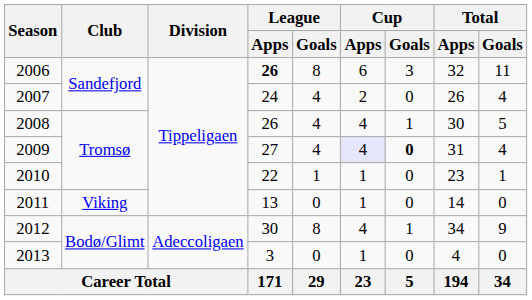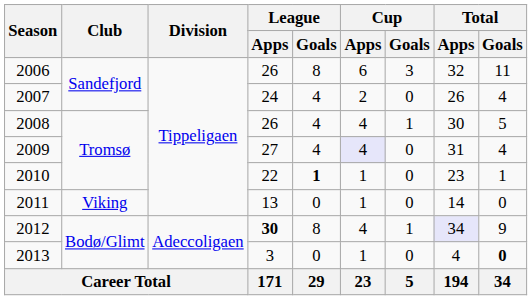 <table class="wikitable" style="text-align: center;">
 <tr>
 <th rowspan="2">Season</th>
 <th rowspan="2">Club</th>
 <th rowspan="2">Division</th>
 <th colspan="2">League</th>
 <th colspan="2">Cup</th>
 <th colspan="2">Total</th>
 </tr>
 <tr>
 <th>Apps</th>
 <th>Goals</th>
 <th>Apps</th>
 <th>Goals</th>
 <th>Apps</th>
 <th>Goals</th>
 </tr>
 <tr>
 <td>2006</td>
 <td rowspan="2" valign="center"><a href='#'>Sandefjord</a></td>
 <td rowspan="6" valign="center"><a href='#'>Tippeligaen</a></td>
-<td><strong>26</strong></td>
+<td>26</td>
 <td>8</td>
 <td>6</td>
 <td>3</td>
 <td>32</td>
 <td>11</td>
 </tr>
 <tr>
 <td>2007</td>
 <td>24</td>
 <td>4</td>
 <td>2</td>
 <td>0</td>
 <td>26</td>
 <td>4</td>
 </tr>
 <tr>
 <td>2008</td>
 <td rowspan="3" valign="center"><a href='#'>Tromsø</a></td>
 <td>26</td>
 <td>4</td>
 <td>4</td>
 <td>1</td>
 <td>30</td>
 <td>5</td>
 </tr>
 <tr>
 <td>2009</td>
 <td>27</td>
 <td>4</td>
 <td style="background: lavender;">4</td>
-<td><strong>0</strong></td>
+<td>0</td>
 <td>31</td>
 <td>4</td>
 </tr>
 <tr>
 <td>2010</td>
 <td>22</td>
-<td>1</td>
+<td><strong>1</strong></td>
 <td>1</td>
 <td>0</td>
 <td>23</td>
 <td>1</td>
 </tr>
 <tr>
 <td>2011</td>
 <td rowspan="1" valign="center"><a href='#'>Viking</a></td>
 <td>13</td>
 <td>0</td>
 <td>1</td>
 <td>0</td>
 <td>14</td>
 <td>0</td>
 </tr>
 <tr>
 <td>2012</td>
 <td rowspan="2" valign="center"><a href='#'>Bodø/Glimt</a></td>
 <td rowspan="2" valign="center"><a href='#'>Adeccoligaen</a></td>
-<td>30</td>
+<td><strong>30</strong></td>
 <td>8</td>
 <td>4</td>
 <td>1</td>
-<td>34</td>
+<td style="background: lavender;">34</td>
 <td>9</td>
 </tr>
 <tr>
 <td>2013</td>
 <td>3</td>
 <td>0</td>
 <td>1</td>
 <td>0</td>
 <td>4</td>
-<td>0</td>
+<td><strong>0</strong></td>
 </tr>
 <tr>
 <th colspan="3">Career Total</th>
 <th>171</th>
 <th>29</th>
 <th>23</th>
 <th>5</th>
 <th>194</th>
 <th>34</th>
 </tr>
 </table>
